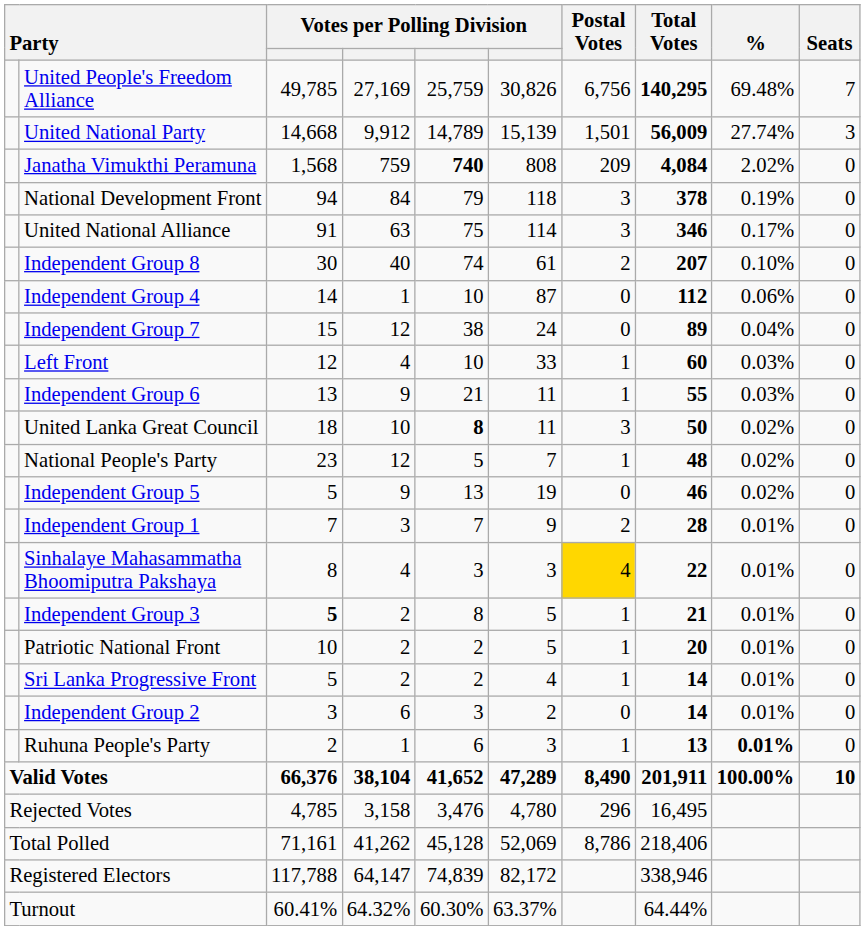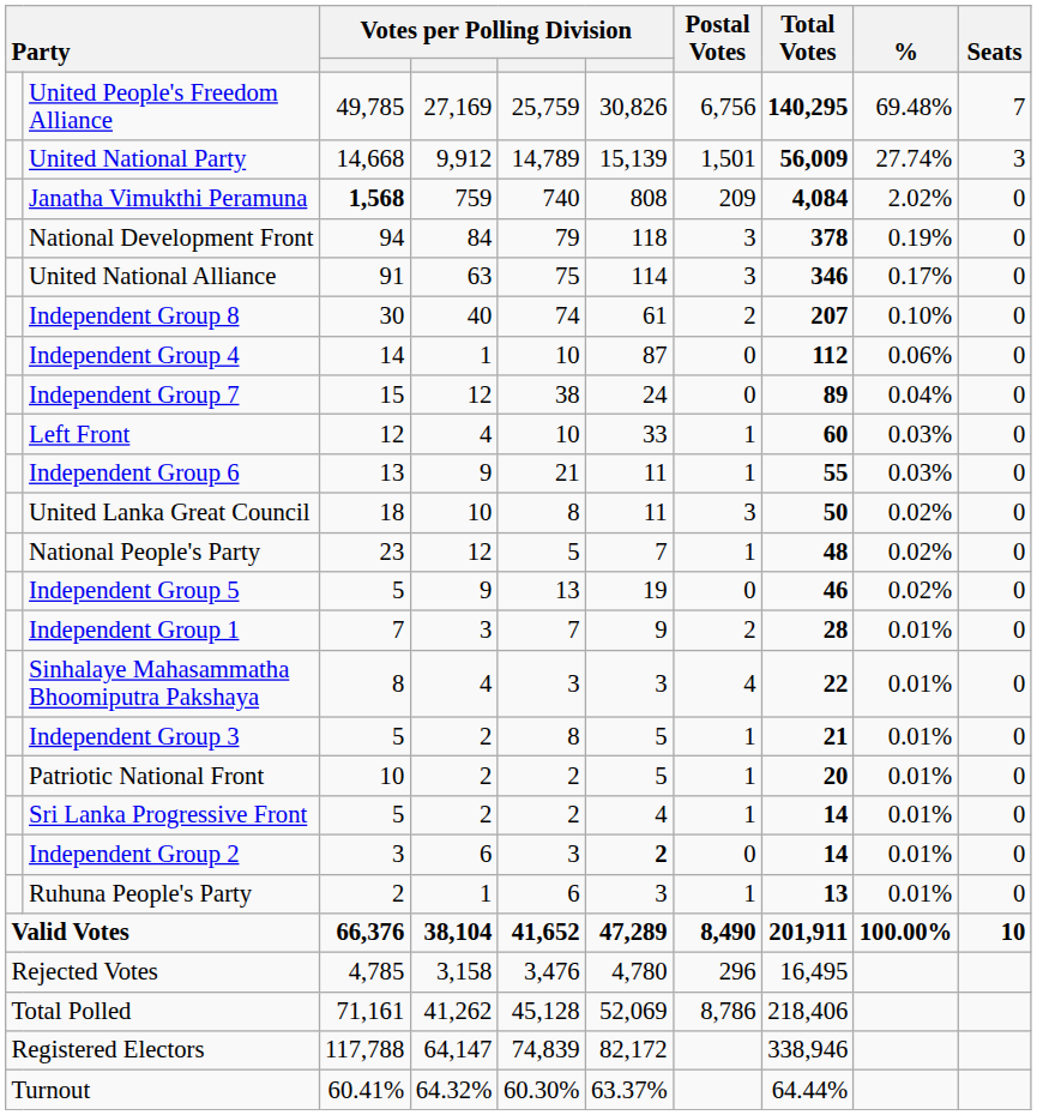 <table class="wikitable" border="1" style="text-align:right;">
 <tr>
 <th style="text-align:left; vertical-align:bottom;" rowspan="2" colspan="2">Party</th>
 <th colspan=4>Votes per Polling Division</th>
 <th rowspan="2" style="vertical-align:bottom; text-align:center; width:50px;">Postal<br>Votes</th>
 <th rowspan="2" style="vertical-align:bottom; text-align:center; width:50px;">Total Votes</th>
 <th rowspan="2" style="vertical-align:bottom; text-align:center; width:50px;">%</th>
 <th rowspan="2" style="vertical-align:bottom; text-align:center; width:40px;">Seats</th>
 </tr>
 <tr>
 <th></th>
 <th></th>
 <th></th>
 <th></th>
 </tr>
 <tr>
 <td bgcolor=> </td>
 <td align=left><a href='#'>United People's Freedom<br>Alliance</a></td>
 <td>49,785</td>
 <td>27,169</td>
 <td>25,759</td>
 <td>30,826</td>
 <td>6,756</td>
 <td><strong>140,295</strong></td>
 <td>69.48%</td>
 <td>7</td>
 </tr>
 <tr>
 <td bgcolor=> </td>
 <td align=left><a href='#'>United National Party</a></td>
 <td>14,668</td>
 <td>9,912</td>
 <td>14,789</td>
 <td>15,139</td>
 <td>1,501</td>
 <td><strong>56,009</strong></td>
 <td>27.74%</td>
 <td>3</td>
 </tr>
 <tr>
 <td bgcolor=> </td>
 <td align=left><a href='#'>Janatha Vimukthi Peramuna</a></td>
-<td>1,568</td>
+<td><strong>1,568</strong></td>
 <td>759</td>
-<td><strong>740</strong></td>
+<td>740</td>
 <td>808</td>
 <td>209</td>
 <td><strong>4,084</strong></td>
 <td>2.02%</td>
 <td>0</td>
 </tr>
 <tr>
 <td bgcolor=> </td>
 <td align=left>National Development Front</td>
 <td>94</td>
 <td>84</td>
 <td>79</td>
 <td>118</td>
 <td>3</td>
 <td><strong>378</strong></td>
 <td>0.19%</td>
 <td>0</td>
 </tr>
 <tr>
 <td bgcolor=> </td>
 <td align=left>United National Alliance</td>
 <td>91</td>
 <td>63</td>
 <td>75</td>
 <td>114</td>
 <td>3</td>
 <td><strong>346</strong></td>
 <td>0.17%</td>
 <td>0</td>
 </tr>
 <tr>
 <td bgcolor=> </td>
 <td align=left><a href='#'>Independent Group 8</a></td>
 <td>30</td>
 <td>40</td>
 <td>74</td>
 <td>61</td>
 <td>2</td>
 <td><strong>207</strong></td>
 <td>0.10%</td>
 <td>0</td>
 </tr>
 <tr>
 <td bgcolor=> </td>
 <td align=left><a href='#'>Independent Group 4</a></td>
 <td>14</td>
 <td>1</td>
 <td>10</td>
 <td>87</td>
 <td>0</td>
 <td><strong>112</strong></td>
 <td>0.06%</td>
 <td>0</td>
 </tr>
 <tr>
 <td bgcolor=> </td>
 <td align=left><a href='#'>Independent Group 7</a></td>
 <td>15</td>
 <td>12</td>
 <td>38</td>
 <td>24</td>
 <td>0</td>
 <td><strong>89</strong></td>
 <td>0.04%</td>
 <td>0</td>
 </tr>
 <tr>
 <td bgcolor=> </td>
 <td align=left><a href='#'>Left Front</a></td>
 <td>12</td>
 <td>4</td>
 <td>10</td>
 <td>33</td>
 <td>1</td>
 <td><strong>60</strong></td>
 <td>0.03%</td>
 <td>0</td>
 </tr>
 <tr>
 <td bgcolor=> </td>
 <td align=left><a href='#'>Independent Group 6</a></td>
 <td>13</td>
 <td>9</td>
 <td>21</td>
 <td>11</td>
 <td>1</td>
 <td><strong>55</strong></td>
 <td>0.03%</td>
 <td>0</td>
 </tr>
 <tr>
 <td bgcolor=> </td>
 <td align=left>United Lanka Great Council</td>
 <td>18</td>
 <td>10</td>
-<td><strong>8</strong></td>
+<td>8</td>
 <td>11</td>
 <td>3</td>
 <td><strong>50</strong></td>
 <td>0.02%</td>
 <td>0</td>
 </tr>
 <tr>
 <td bgcolor=> </td>
 <td align=left>National People's Party</td>
 <td>23</td>
 <td>12</td>
 <td>5</td>
 <td>7</td>
 <td>1</td>
 <td><strong>48</strong></td>
 <td>0.02%</td>
 <td>0</td>
 </tr>
 <tr>
 <td bgcolor=> </td>
 <td align=left><a href='#'>Independent Group 5</a></td>
 <td>5</td>
 <td>9</td>
 <td>13</td>
 <td>19</td>
 <td>0</td>
 <td><strong>46</strong></td>
 <td>0.02%</td>
 <td>0</td>
 </tr>
 <tr>
 <td bgcolor=> </td>
 <td align=left><a href='#'>Independent Group 1</a></td>
 <td>7</td>
 <td>3</td>
 <td>7</td>
 <td>9</td>
 <td>2</td>
 <td><strong>28</strong></td>
 <td>0.01%</td>
 <td>0</td>
 </tr>
 <tr>
 <td bgcolor=> </td>
 <td align=left><a href='#'>Sinhalaye Mahasammatha<br>Bhoomiputra Pakshaya</a></td>
 <td>8</td>
 <td>4</td>
 <td>3</td>
 <td>3</td>
-<td style="background: gold;">4</td>
+<td>4</td>
 <td><strong>22</strong></td>
 <td>0.01%</td>
 <td>0</td>
 </tr>
 <tr>
 <td bgcolor=> </td>
 <td align=left><a href='#'>Independent Group 3</a></td>
-<td><strong>5</strong></td>
+<td>5</td>
 <td>2</td>
 <td>8</td>
 <td>5</td>
 <td>1</td>
 <td><strong>21</strong></td>
 <td>0.01%</td>
 <td>0</td>
 </tr>
 <tr>
 <td bgcolor=> </td>
 <td align=left>Patriotic National Front</td>
 <td>10</td>
 <td>2</td>
 <td>2</td>
 <td>5</td>
 <td>1</td>
 <td><strong>20</strong></td>
 <td>0.01%</td>
 <td>0</td>
 </tr>
 <tr>
 <td bgcolor=> </td>
 <td align=left><a href='#'>Sri Lanka Progressive Front</a></td>
 <td>5</td>
 <td>2</td>
 <td>2</td>
 <td>4</td>
 <td>1</td>
 <td><strong>14</strong></td>
 <td>0.01%</td>
 <td>0</td>
 </tr>
 <tr>
 <td bgcolor=> </td>
 <td align=left><a href='#'>Independent Group 2</a></td>
 <td>3</td>
 <td>6</td>
 <td>3</td>
-<td>2</td>
+<td><strong>2</strong></td>
 <td>0</td>
 <td><strong>14</strong></td>
 <td>0.01%</td>
 <td>0</td>
 </tr>
 <tr>
 <td bgcolor=> </td>
 <td align=left>Ruhuna People's Party</td>
 <td>2</td>
 <td>1</td>
 <td>6</td>
 <td>3</td>
 <td>1</td>
 <td><strong>13</strong></td>
-<td><strong>0.01%</strong></td>
+<td>0.01%</td>
 <td>0</td>
 </tr>
 <tr>
 <td align=left colspan=2><strong>Valid Votes</strong></td>
 <td><strong>66,376</strong></td>
 <td><strong>38,104</strong></td>
 <td><strong>41,652</strong></td>
 <td><strong>47,289</strong></td>
 <td><strong>8,490</strong></td>
 <td><strong>201,911</strong></td>
 <td><strong>100.00%</strong></td>
 <td><strong>10</strong></td>
 </tr>
 <tr>
 <td align=left colspan=2>Rejected Votes</td>
 <td>4,785</td>
 <td>3,158</td>
 <td>3,476</td>
 <td>4,780</td>
 <td>296</td>
 <td>16,495</td>
 <td></td>
 <td></td>
 </tr>
 <tr>
 <td align=left colspan=2>Total Polled</td>
 <td>71,161</td>
 <td>41,262</td>
 <td>45,128</td>
 <td>52,069</td>
 <td>8,786</td>
 <td>218,406</td>
 <td></td>
 <td></td>
 </tr>
 <tr>
 <td align=left colspan=2>Registered Electors</td>
 <td>117,788</td>
 <td>64,147</td>
 <td>74,839</td>
 <td>82,172</td>
 <td></td>
 <td>338,946</td>
 <td></td>
 <td></td>
 </tr>
 <tr>
 <td align=left colspan=2>Turnout</td>
 <td>60.41%</td>
 <td>64.32%</td>
 <td>60.30%</td>
 <td>63.37%</td>
 <td></td>
 <td>64.44%</td>
 <td></td>
 <td></td>
 </tr>
 </table>
